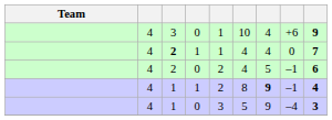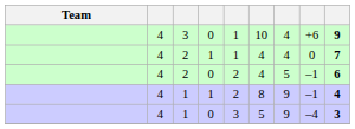 <table class="wikitable" style="text-align:center;">
 <tr>
 <th width=175>Team</th>
 <th width="25"></th>
 <th width="25"></th>
 <th width="25"></th>
 <th width="25"></th>
 <th width="25"></th>
 <th width="25"></th>
 <th width="25"></th>
 <th width="25"></th>
 </tr>
 <tr bgcolor=CCFFCC>
 <td align=left></td>
 <td>4</td>
 <td>3</td>
 <td>0</td>
 <td>1</td>
 <td>10</td>
 <td>4</td>
 <td>+6</td>
 <td><strong>9</strong></td>
 </tr>
 <tr bgcolor=CCFFCC>
 <td align=left></td>
 <td>4</td>
-<td><strong>2</strong></td>
+<td>2</td>
 <td>1</td>
 <td>1</td>
 <td>4</td>
 <td>4</td>
 <td>0</td>
 <td><strong>7</strong></td>
 </tr>
 <tr bgcolor=CCFFCC>
 <td align=left></td>
 <td>4</td>
 <td>2</td>
 <td>0</td>
 <td>2</td>
 <td>4</td>
 <td>5</td>
 <td>–1</td>
 <td><strong>6</strong></td>
 </tr>
 <tr bgcolor=CCCCFF>
 <td align=left></td>
 <td>4</td>
 <td>1</td>
 <td>1</td>
 <td>2</td>
 <td>8</td>
-<td><strong>9</strong></td>
+<td>9</td>
 <td>–1</td>
 <td><strong>4</strong></td>
 </tr>
 <tr bgcolor=CCCCFF>
 <td align=left></td>
 <td>4</td>
 <td>1</td>
 <td>0</td>
 <td>3</td>
 <td>5</td>
 <td>9</td>
 <td>–4</td>
 <td><strong>3</strong></td>
 </tr>
 <tr>
 </tr>
 </table>
